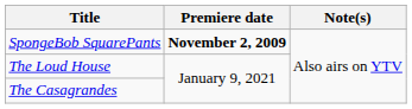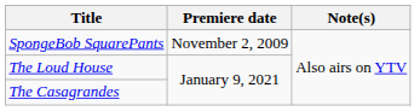 <table class="wikitable sortable" style="text-align:center;">
 <tr>
 <th scope="col">Title</th>
 <th scope="col">Premiere date</th>
 <th scope="col">Note(s)</th>
 </tr>
 <tr>
 <td><em><a href='#'>SpongeBob SquarePants</a></em></td>
-<td><strong>November 2, 2009</strong></td>
+<td>November 2, 2009</td>
 <td rowspan="5">Also airs on <a href='#'>YTV</a></td>
 </tr>
 <tr>
 <td scope="row" style="text-align:left;"><em><a href='#'>The Loud House</a></em></td>
 <td rowspan="2">January 9, 2021</td>
 </tr>
 <tr>
 <td scope="row" style="text-align:left;"><em><a href='#'>The Casagrandes</a></em></td>
 </tr>
 </table>
